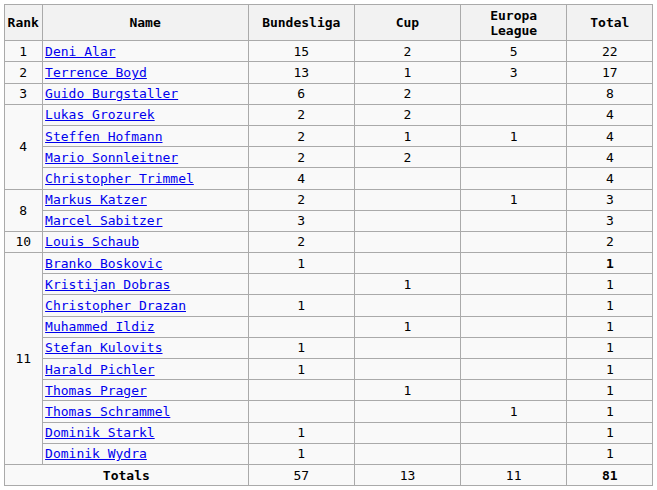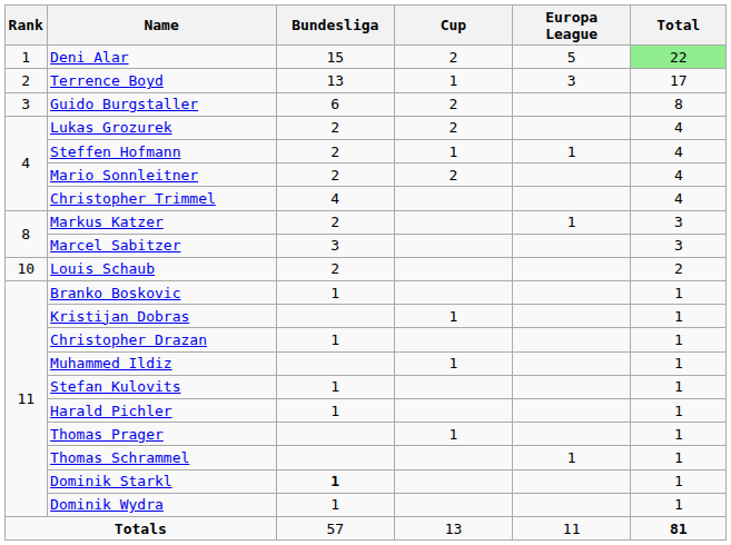 <table class="wikitable" style="text-align: center;">
 <tr>
 <th>Rank</th>
 <th width=200>Name</th>
 <th width=100>Bundesliga</th>
 <th width=100>Cup</th>
 <th width=100>Europa League</th>
 <th width=80><strong>Total</strong></th>
 </tr>
 <tr>
 <td>1</td>
 <td align=left> <a href='#'>Deni Alar</a></td>
 <td>15</td>
 <td>2</td>
 <td>5</td>
-<td>22</td>
+<td style="background: lightgreen;">22</td>
 </tr>
 <tr>
 <td>2</td>
 <td align=left> <a href='#'>Terrence Boyd</a></td>
 <td>13</td>
 <td>1</td>
 <td>3</td>
 <td>17</td>
 </tr>
 <tr>
 <td>3</td>
 <td align=left> <a href='#'>Guido Burgstaller</a></td>
 <td>6</td>
 <td>2</td>
 <td></td>
 <td>8</td>
 </tr>
 <tr>
 <td rowspan=4>4</td>
 <td align=left> <a href='#'>Lukas Grozurek</a></td>
 <td>2</td>
 <td>2</td>
 <td></td>
 <td>4</td>
 </tr>
 <tr>
 <td align=left> <a href='#'>Steffen Hofmann</a></td>
 <td>2</td>
 <td>1</td>
 <td>1</td>
 <td>4</td>
 </tr>
 <tr>
 <td align=left> <a href='#'>Mario Sonnleitner</a></td>
 <td>2</td>
 <td>2</td>
 <td></td>
 <td>4</td>
 </tr>
 <tr>
 <td align=left> <a href='#'>Christopher Trimmel</a></td>
 <td>4</td>
 <td></td>
 <td></td>
 <td>4</td>
 </tr>
 <tr>
 <td rowspan=2>8</td>
 <td align=left> <a href='#'>Markus Katzer</a></td>
 <td>2</td>
 <td></td>
 <td>1</td>
 <td>3</td>
 </tr>
 <tr>
 <td align=left> <a href='#'>Marcel Sabitzer</a></td>
 <td>3</td>
 <td></td>
 <td></td>
 <td>3</td>
 </tr>
 <tr>
 <td>10</td>
 <td align=left> <a href='#'>Louis Schaub</a></td>
 <td>2</td>
 <td></td>
 <td></td>
 <td>2</td>
 </tr>
 <tr>
 <td rowspan=10>11</td>
 <td align=left> <a href='#'>Branko Boskovic</a></td>
 <td>1</td>
 <td></td>
 <td></td>
-<td><strong>1</strong></td>
+<td>1</td>
 </tr>
 <tr>
 <td align=left> <a href='#'>Kristijan Dobras</a></td>
 <td></td>
 <td>1</td>
 <td></td>
 <td>1</td>
 </tr>
 <tr>
 <td align=left> <a href='#'>Christopher Drazan</a></td>
 <td>1</td>
 <td></td>
 <td></td>
 <td>1</td>
 </tr>
 <tr>
 <td align=left> <a href='#'>Muhammed Ildiz</a></td>
 <td></td>
 <td>1</td>
 <td></td>
 <td>1</td>
 </tr>
 <tr>
 <td align=left> <a href='#'>Stefan Kulovits</a></td>
 <td>1</td>
 <td></td>
 <td></td>
 <td>1</td>
 </tr>
 <tr>
 <td align=left> <a href='#'>Harald Pichler</a></td>
 <td>1</td>
 <td></td>
 <td></td>
 <td>1</td>
 </tr>
 <tr>
 <td align=left> <a href='#'>Thomas Prager</a></td>
 <td></td>
 <td>1</td>
 <td></td>
 <td>1</td>
 </tr>
 <tr>
 <td align=left> <a href='#'>Thomas Schrammel</a></td>
 <td></td>
 <td></td>
 <td>1</td>
 <td>1</td>
 </tr>
 <tr>
 <td align=left> <a href='#'>Dominik Starkl</a></td>
-<td>1</td>
+<td><strong>1</strong></td>
 <td></td>
 <td></td>
 <td>1</td>
 </tr>
 <tr>
 <td align=left> <a href='#'>Dominik Wydra</a></td>
 <td>1</td>
 <td></td>
 <td></td>
 <td>1</td>
 </tr>
 <tr>
 <td colspan=2><strong>Totals</strong></td>
 <td>57</td>
 <td>13</td>
 <td>11</td>
 <td><strong>81</strong></td>
 </tr>
 </table>
